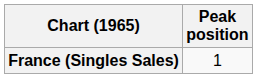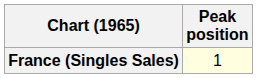 <table class="wikitable sortable plainrowheaders" style="text-align:center">
 <tr>
 <th scope="col">Chart (1965)</th>
 <th scope="col">Peak<br>position</th>
 </tr>
 <tr>
 </tr>
 <tr>
 <th scope="row">France (Singles Sales)</th>
-<td align="center">1</td>
+<td align="center" style="background: lightyellow;">1</td>
 </tr>
 </table>
